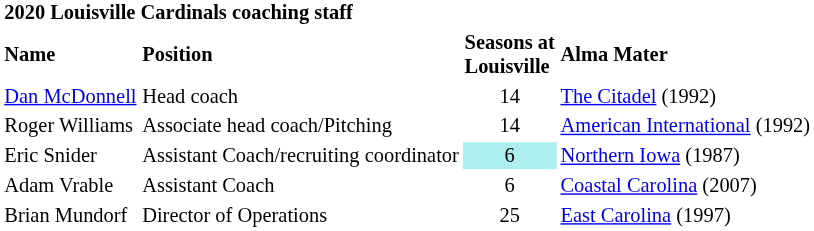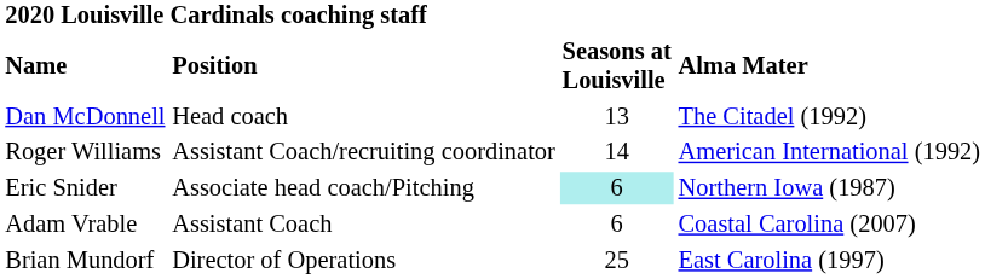 <table class="toccolours" style="text-align: left; font-size:90%;">
 <tr>
 <th colspan="9">2020 Louisville Cardinals coaching staff</th>
 </tr>
 <tr>
 <th>Name</th>
 <th>Position</th>
 <th>Seasons at<br>Louisville</th>
 <th>Alma Mater</th>
 </tr>
 <tr>
 <td><a href='#'>Dan McDonnell</a></td>
 <td>Head coach</td>
-<td align=center>14</td>
+<td align=center>13</td>
 <td><a href='#'>The Citadel</a> (1992)</td>
 </tr>
 <tr>
 <td>Roger Williams</td>
-<td>Associate head coach/Pitching</td>
+<td>Assistant Coach/recruiting coordinator</td>
 <td align=center>14</td>
 <td><a href='#'>American International</a> (1992)</td>
 </tr>
 <tr>
 <td>Eric Snider</td>
-<td>Assistant Coach/recruiting coordinator</td>
+<td>Associate head coach/Pitching</td>
 <td align=center style="background: paleturquoise;">6</td>
 <td><a href='#'>Northern Iowa</a> (1987)</td>
 </tr>
 <tr>
 <td>Adam Vrable</td>
 <td>Assistant Coach</td>
 <td align=center>6</td>
 <td><a href='#'>Coastal Carolina</a> (2007)</td>
 </tr>
 <tr>
 <td>Brian Mundorf</td>
 <td>Director of Operations</td>
 <td align=center>25</td>
 <td><a href='#'>East Carolina</a> (1997)</td>
 </tr>
 </table>
